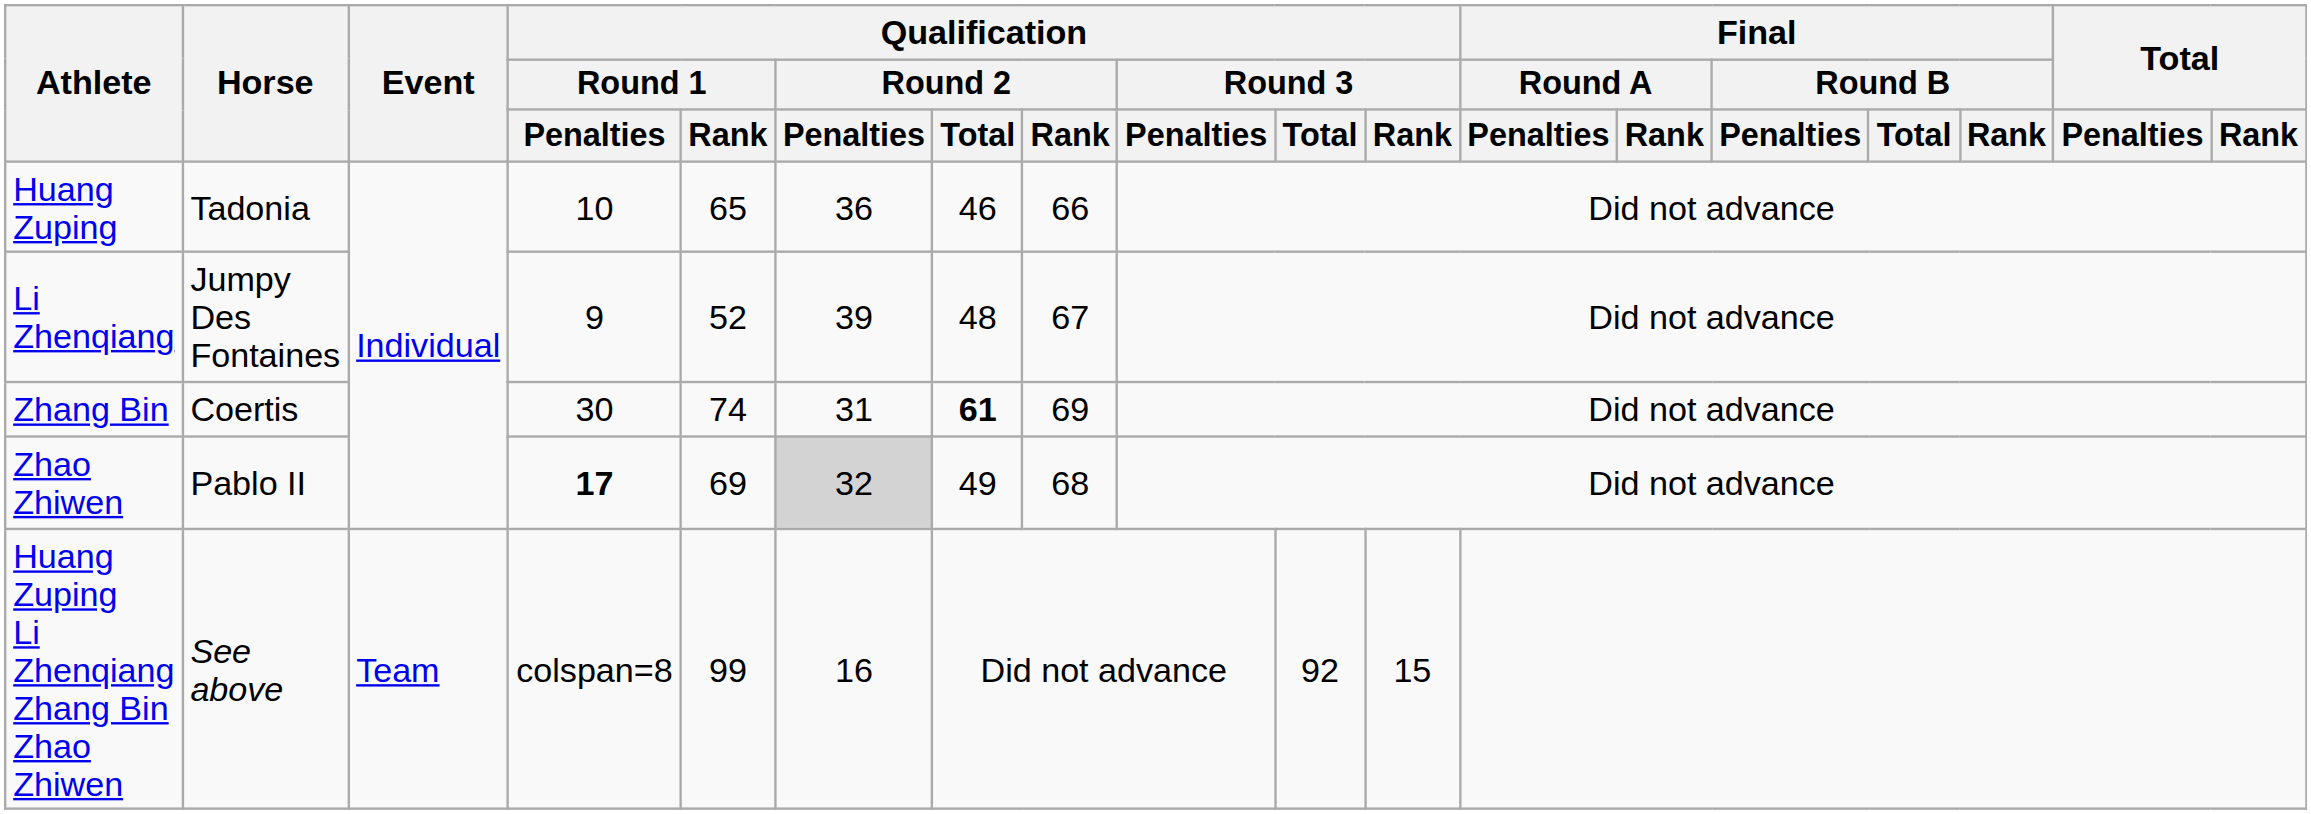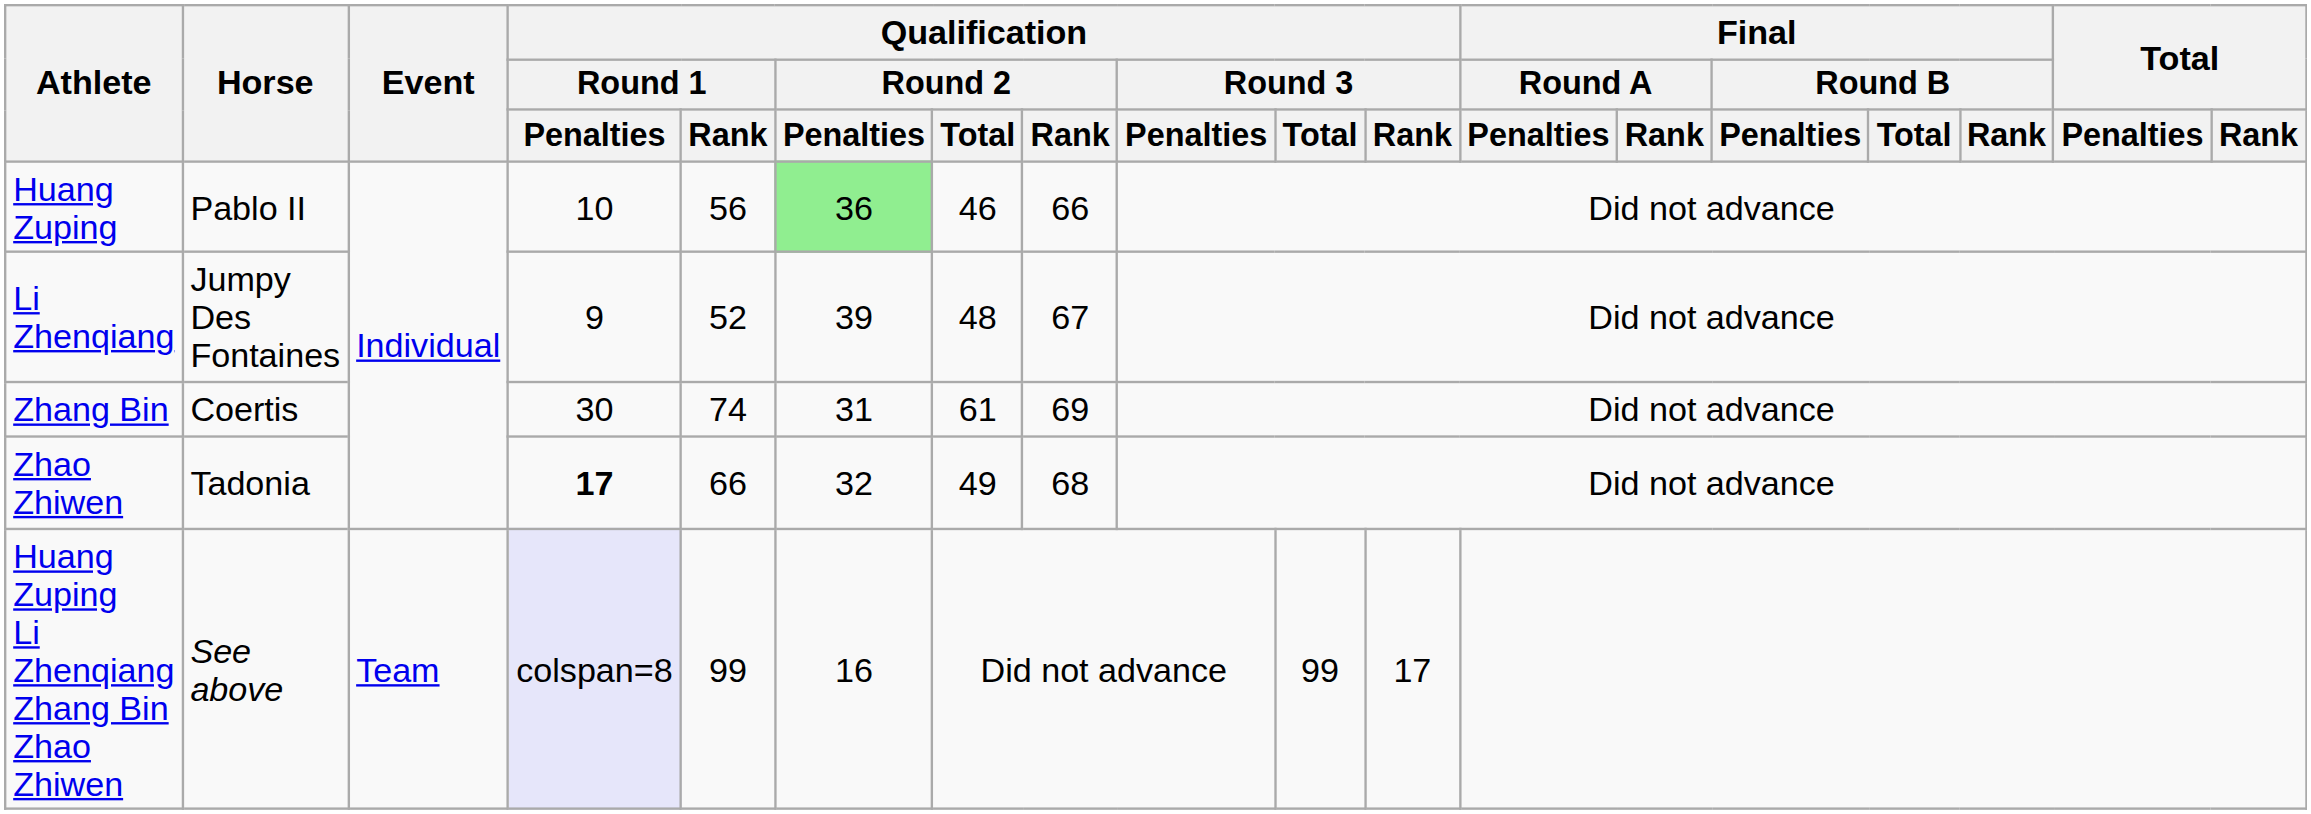 <table class="wikitable" style="font-size:90%">
 <tr>
 <th rowspan="3">Athlete</th>
 <th rowspan="3">Horse</th>
 <th rowspan="3">Event</th>
 <th colspan="8">Qualification</th>
 <th colspan="5">Final</th>
 <th rowspan=2 colspan="2">Total</th>
 </tr>
 <tr style="font-size:95%">
 <th colspan="2">Round 1</th>
 <th colspan="3">Round 2</th>
 <th colspan="3">Round 3</th>
 <th colspan="2">Round A</th>
 <th colspan="3">Round B</th>
 </tr>
 <tr style="font-size:95%">
 <th>Penalties</th>
 <th>Rank</th>
 <th>Penalties</th>
 <th>Total</th>
 <th>Rank</th>
 <th>Penalties</th>
 <th>Total</th>
 <th>Rank</th>
 <th>Penalties</th>
 <th>Rank</th>
 <th>Penalties</th>
 <th>Total</th>
 <th>Rank</th>
 <th>Penalties</th>
 <th>Rank</th>
 </tr>
 <tr align=center>
 <td align=left><a href='#'>Huang Zuping</a></td>
-<td align=left>Tadonia</td>
+<td align=left>Pablo II</td>
 <td align=left rowspan=4><a href='#'>Individual</a></td>
 <td>10</td>
-<td>65</td>
-<td>36</td>
+<td>56</td>
+<td style="background: lightgreen;">36</td>
 <td>46</td>
 <td>66</td>
 <td colspan=10>Did not advance</td>
 </tr>
 <tr align=center>
 <td align=left><a href='#'>Li Zhenqiang</a></td>
 <td align=left>Jumpy Des Fontaines</td>
 <td>9</td>
 <td>52</td>
 <td>39</td>
 <td>48</td>
 <td>67</td>
 <td colspan=10>Did not advance</td>
 </tr>
 <tr align=center>
 <td align=left><a href='#'>Zhang Bin</a></td>
 <td align=left>Coertis</td>
 <td>30</td>
 <td>74</td>
 <td>31</td>
-<td><strong>61</strong></td>
+<td>61</td>
 <td>69</td>
 <td colspan=10>Did not advance</td>
 </tr>
 <tr align=center>
 <td align=left><a href='#'>Zhao Zhiwen</a></td>
-<td align=left>Pablo II</td>
+<td align=left>Tadonia</td>
 <td><strong>17</strong></td>
-<td>69</td>
-<td style="background: lightgrey;">32</td>
+<td>66</td>
+<td>32</td>
 <td>49</td>
 <td>68</td>
 <td colspan=10>Did not advance</td>
 </tr>
 <tr align=center>
 <td align=left><a href='#'>Huang Zuping</a><br><a href='#'>Li Zhenqiang</a><br><a href='#'>Zhang Bin</a><br><a href='#'>Zhao Zhiwen</a></td>
 <td align=left><em>See above</em></td>
 <td align=left><a href='#'>Team</a></td>
-<td>colspan=8 </td>
+<td style="background: lavender;">colspan=8 </td>
 <td>99</td>
 <td>16</td>
 <td colspan=3>Did not advance</td>
-<td>92</td>
-<td>15</td>
+<td>99</td>
+<td>17</td>
 </tr>
 </table>
